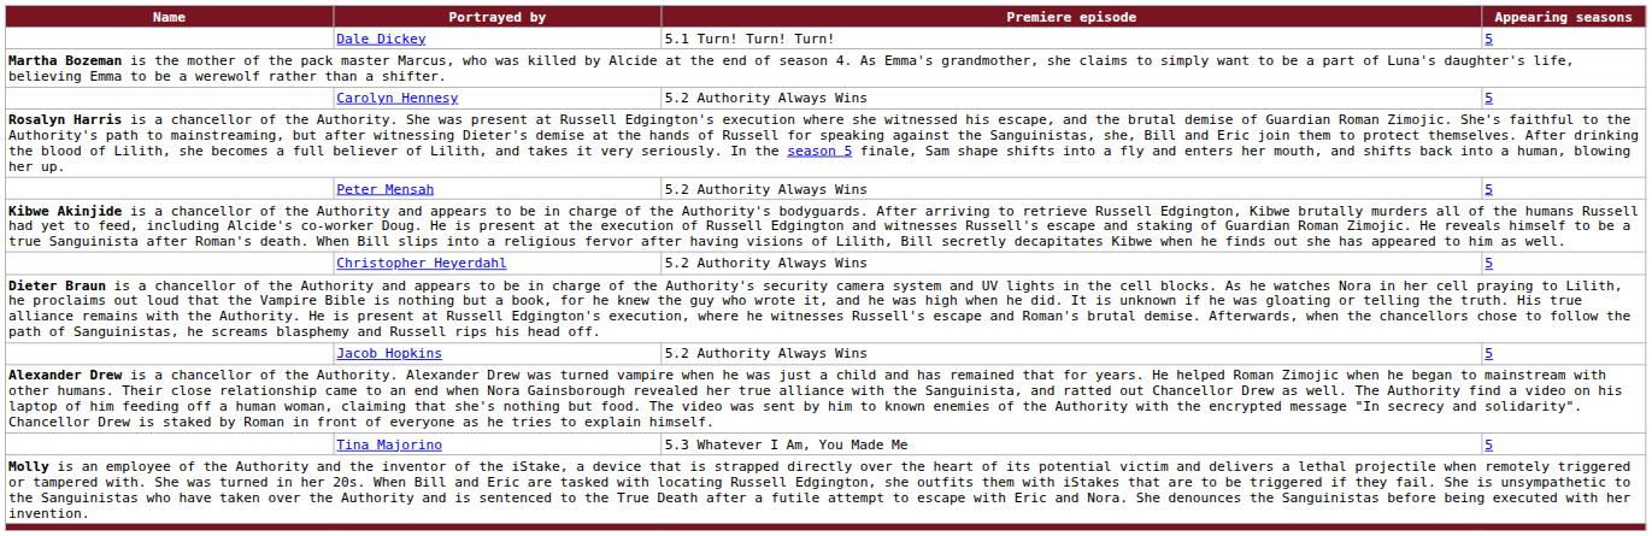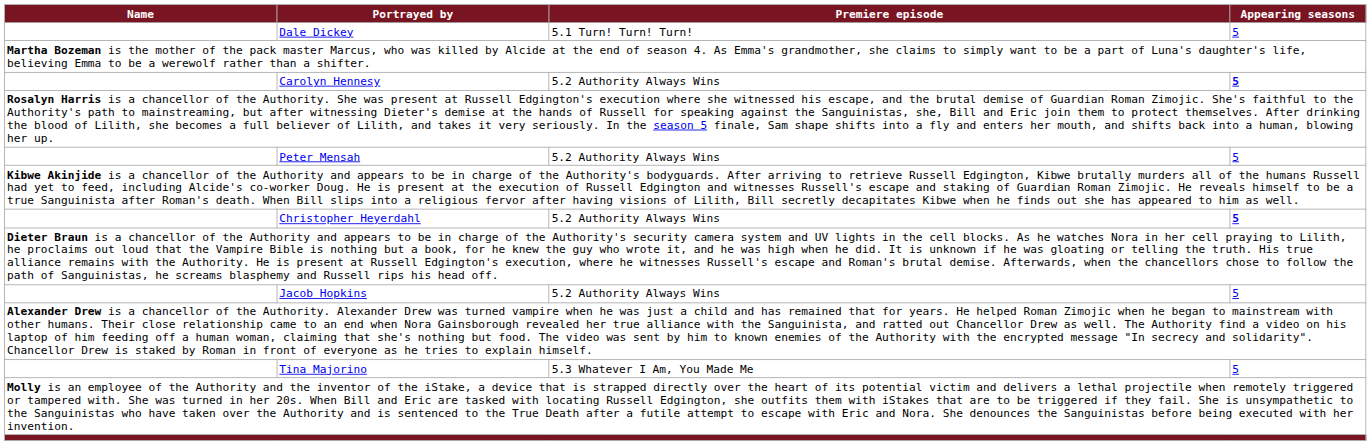 <table class="wikitable" style="width:100%; margin-right:auto; background: #FFFFFF;">
 <tr style="color:white">
 <th style="background-color:#791422; width:20%">Name</th>
 <th style="background-color:#791422; width:20%">Portrayed by</th>
 <th style="background-color:#791422; width:50%">Premiere episode</th>
 <th style="background-color:#791422; width:10%">Appearing seasons</th>
 </tr>
 <tr>
 <td></td>
 <td><a href='#'>Dale Dickey</a></td>
 <td>5.1 Turn! Turn! Turn!</td>
 <td><a href='#'>5</a></td>
 </tr>
 <tr>
 <td colspan="5"><strong>Martha Bozeman</strong> is the mother of the pack master Marcus, who was killed by Alcide at the end of season 4. As Emma's grandmother, she claims to simply want to be a part of Luna's daughter's life, believing Emma to be a werewolf rather than a shifter.</td>
 </tr>
 <tr>
 <td></td>
 <td><a href='#'>Carolyn Hennesy</a></td>
 <td>5.2 Authority Always Wins</td>
-<td><a href='#'>5</a></td>
+<td><strong><a href='#'>5</a></strong></td>
 </tr>
 <tr>
 <td colspan="5"><strong>Rosalyn Harris</strong> is a chancellor of the Authority. She was present at Russell Edgington's execution where she witnessed his escape, and the brutal demise of Guardian Roman Zimojic. She's faithful to the Authority's path to mainstreaming, but after witnessing Dieter's demise at the hands of Russell for speaking against the Sanguinistas, she, Bill and Eric join them to protect themselves. After drinking the blood of Lilith, she becomes a full believer of Lilith, and takes it very seriously. In the <a href='#'>season 5</a> finale, Sam shape shifts into a fly and enters her mouth, and shifts back into a human, blowing her up.</td>
 </tr>
 <tr>
 <td></td>
 <td><a href='#'>Peter Mensah</a></td>
 <td>5.2 Authority Always Wins</td>
 <td><a href='#'>5</a></td>
 </tr>
 <tr>
 <td colspan="5"><strong>Kibwe Akinjide</strong> is a chancellor of the Authority and appears to be in charge of the Authority's bodyguards. After arriving to retrieve Russell Edgington, Kibwe brutally murders all of the humans Russell had yet to feed, including Alcide's co-worker Doug. He is present at the execution of Russell Edgington and witnesses Russell's escape and staking of Guardian Roman Zimojic. He reveals himself to be a true Sanguinista after Roman's death. When Bill slips into a religious fervor after having visions of Lilith, Bill secretly decapitates Kibwe when he finds out she has appeared to him as well.</td>
 </tr>
 <tr>
 <td></td>
 <td><a href='#'>Christopher Heyerdahl</a></td>
 <td>5.2 Authority Always Wins</td>
-<td><a href='#'>5</a></td>
+<td><strong><a href='#'>5</a></strong></td>
 </tr>
 <tr>
 <td colspan="5"><strong>Dieter Braun</strong> is a chancellor of the Authority and appears to be in charge of the Authority's security camera system and UV lights in the cell blocks. As he watches Nora in her cell praying to Lilith, he proclaims out loud that the Vampire Bible is nothing but a book, for he knew the guy who wrote it, and he was high when he did. It is unknown if he was gloating or telling the truth. His true alliance remains with the Authority. He is present at Russell Edgington's execution, where he witnesses Russell's escape and Roman's brutal demise. Afterwards, when the chancellors chose to follow the path of Sanguinistas, he screams blasphemy and Russell rips his head off.</td>
 </tr>
 <tr>
 <td></td>
 <td><a href='#'>Jacob Hopkins</a></td>
 <td>5.2 Authority Always Wins</td>
 <td><a href='#'>5</a></td>
 </tr>
 <tr>
 <td colspan="5"><strong>Alexander Drew</strong> is a chancellor of the Authority. Alexander Drew was turned vampire when he was just a child and has remained that for years. He helped Roman Zimojic when he began to mainstream with other humans. Their close relationship came to an end when Nora Gainsborough revealed her true alliance with the Sanguinista, and ratted out Chancellor Drew as well. The Authority find a video on his laptop of him feeding off a human woman, claiming that she's nothing but food. The video was sent by him to known enemies of the Authority with the encrypted message "In secrecy and solidarity". Chancellor Drew is staked by Roman in front of everyone as he tries to explain himself.</td>
 </tr>
 <tr>
 <td></td>
 <td><a href='#'>Tina Majorino</a></td>
 <td>5.3 Whatever I Am, You Made Me</td>
 <td><a href='#'>5</a></td>
 </tr>
 <tr>
 <td colspan="5"><strong>Molly</strong> is an employee of the Authority and the inventor of the iStake, a device that is strapped directly over the heart of its potential victim and delivers a lethal projectile when remotely triggered or tampered with. She was turned in her 20s. When Bill and Eric are tasked with locating Russell Edgington, she outfits them with iStakes that are to be triggered if they fail. She is unsympathetic to the Sanguinistas who have taken over the Authority and is sentenced to the True Death after a futile attempt to escape with Eric and Nora. She denounces the Sanguinistas before being executed with her invention.</td>
 </tr>
 <tr>
 <td colspan="5" bgcolor="#791422"></td>
 </tr>
 <tr>
 </tr>
 </table>
